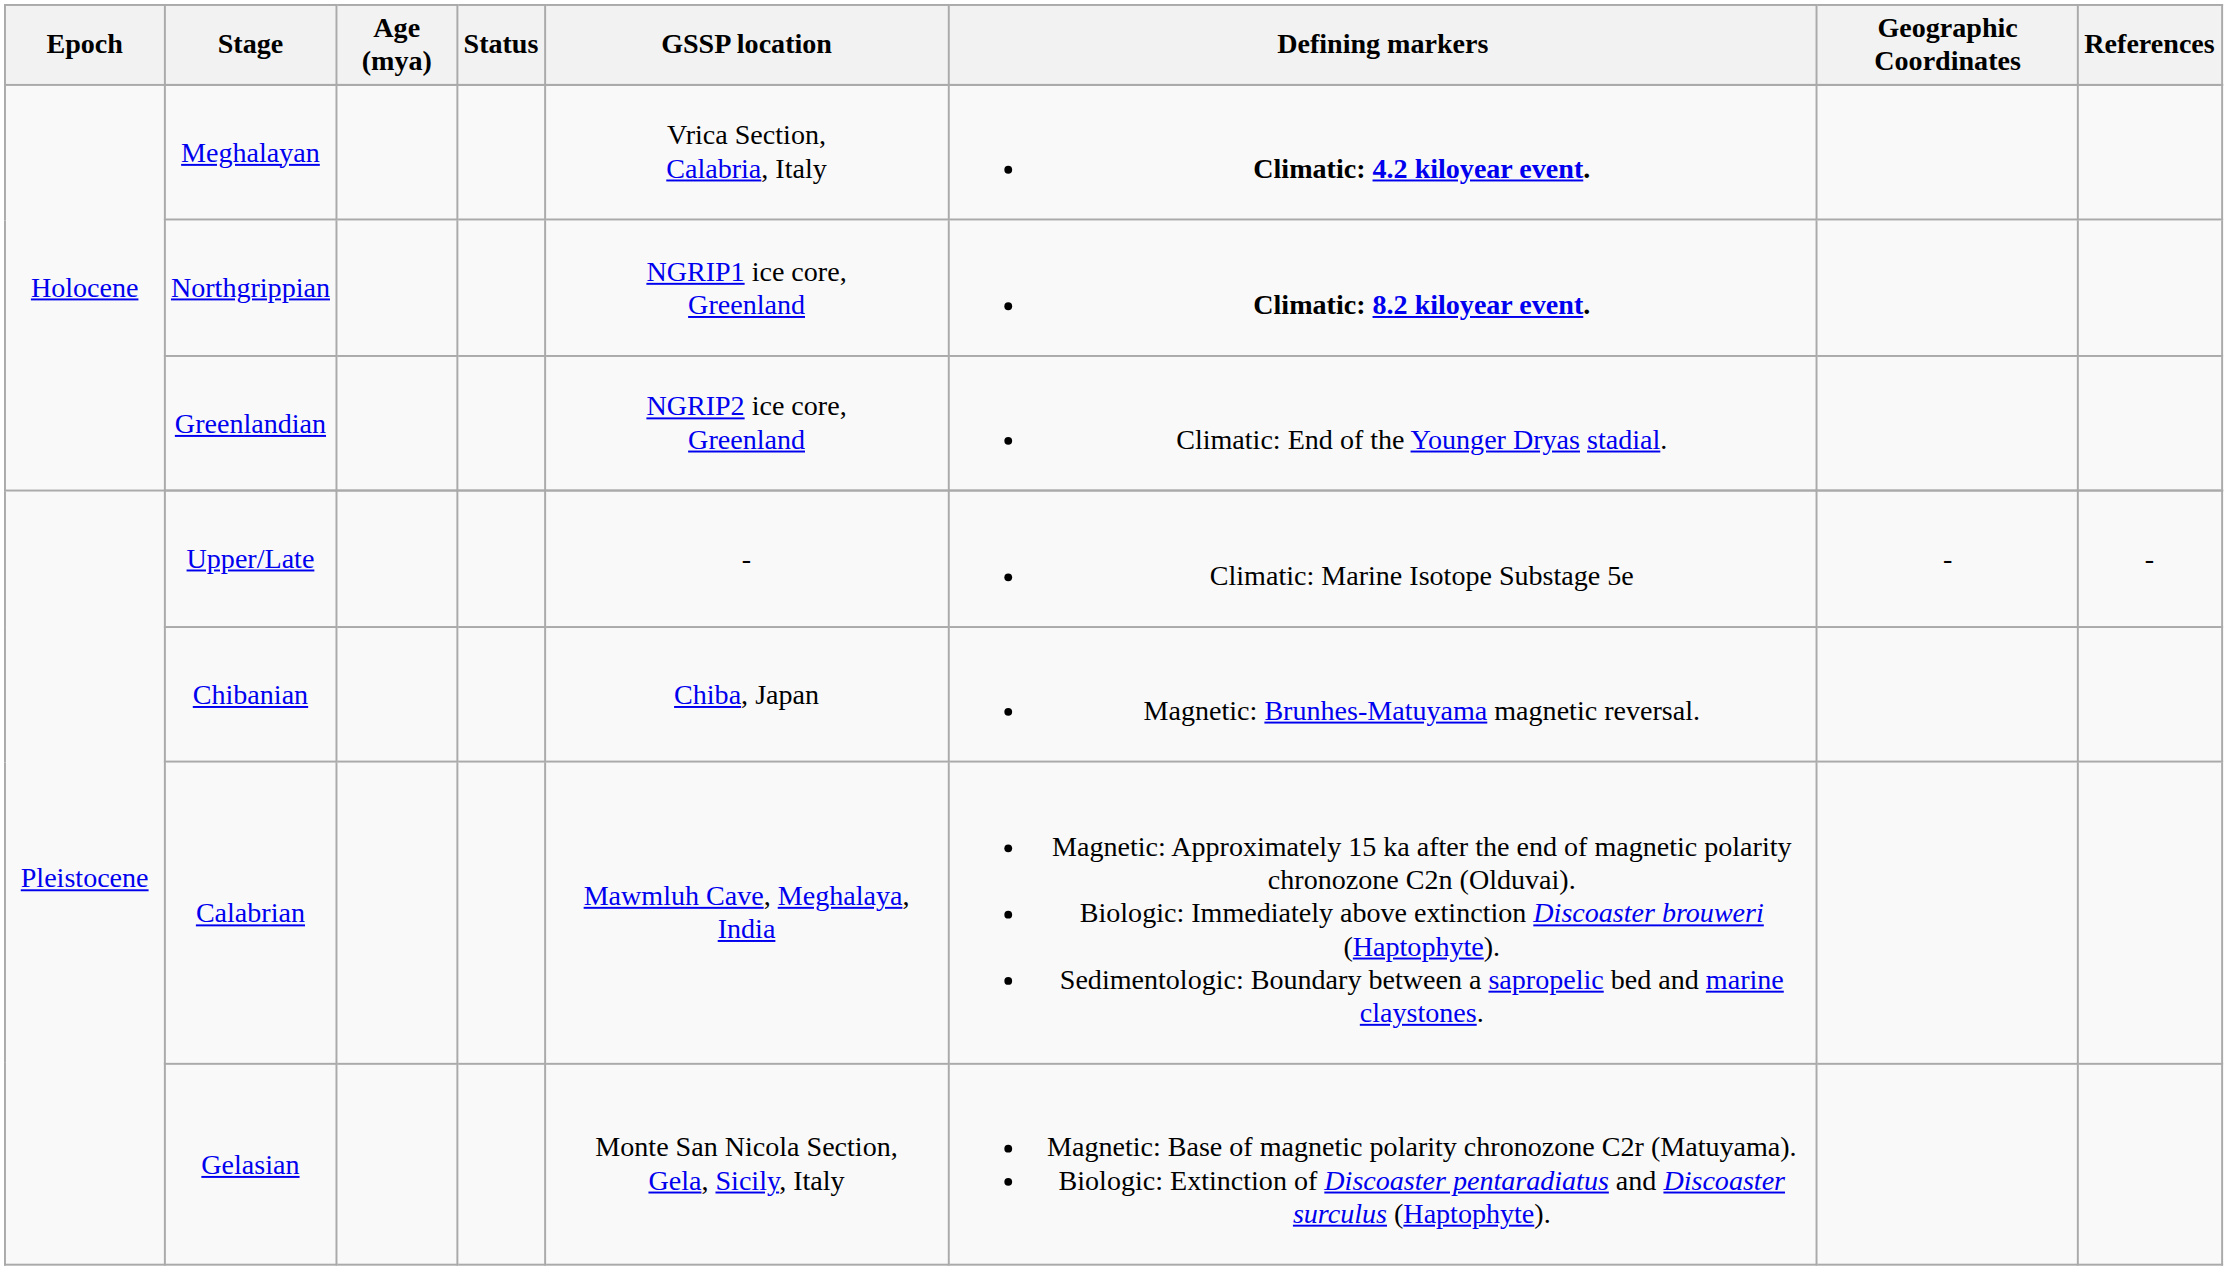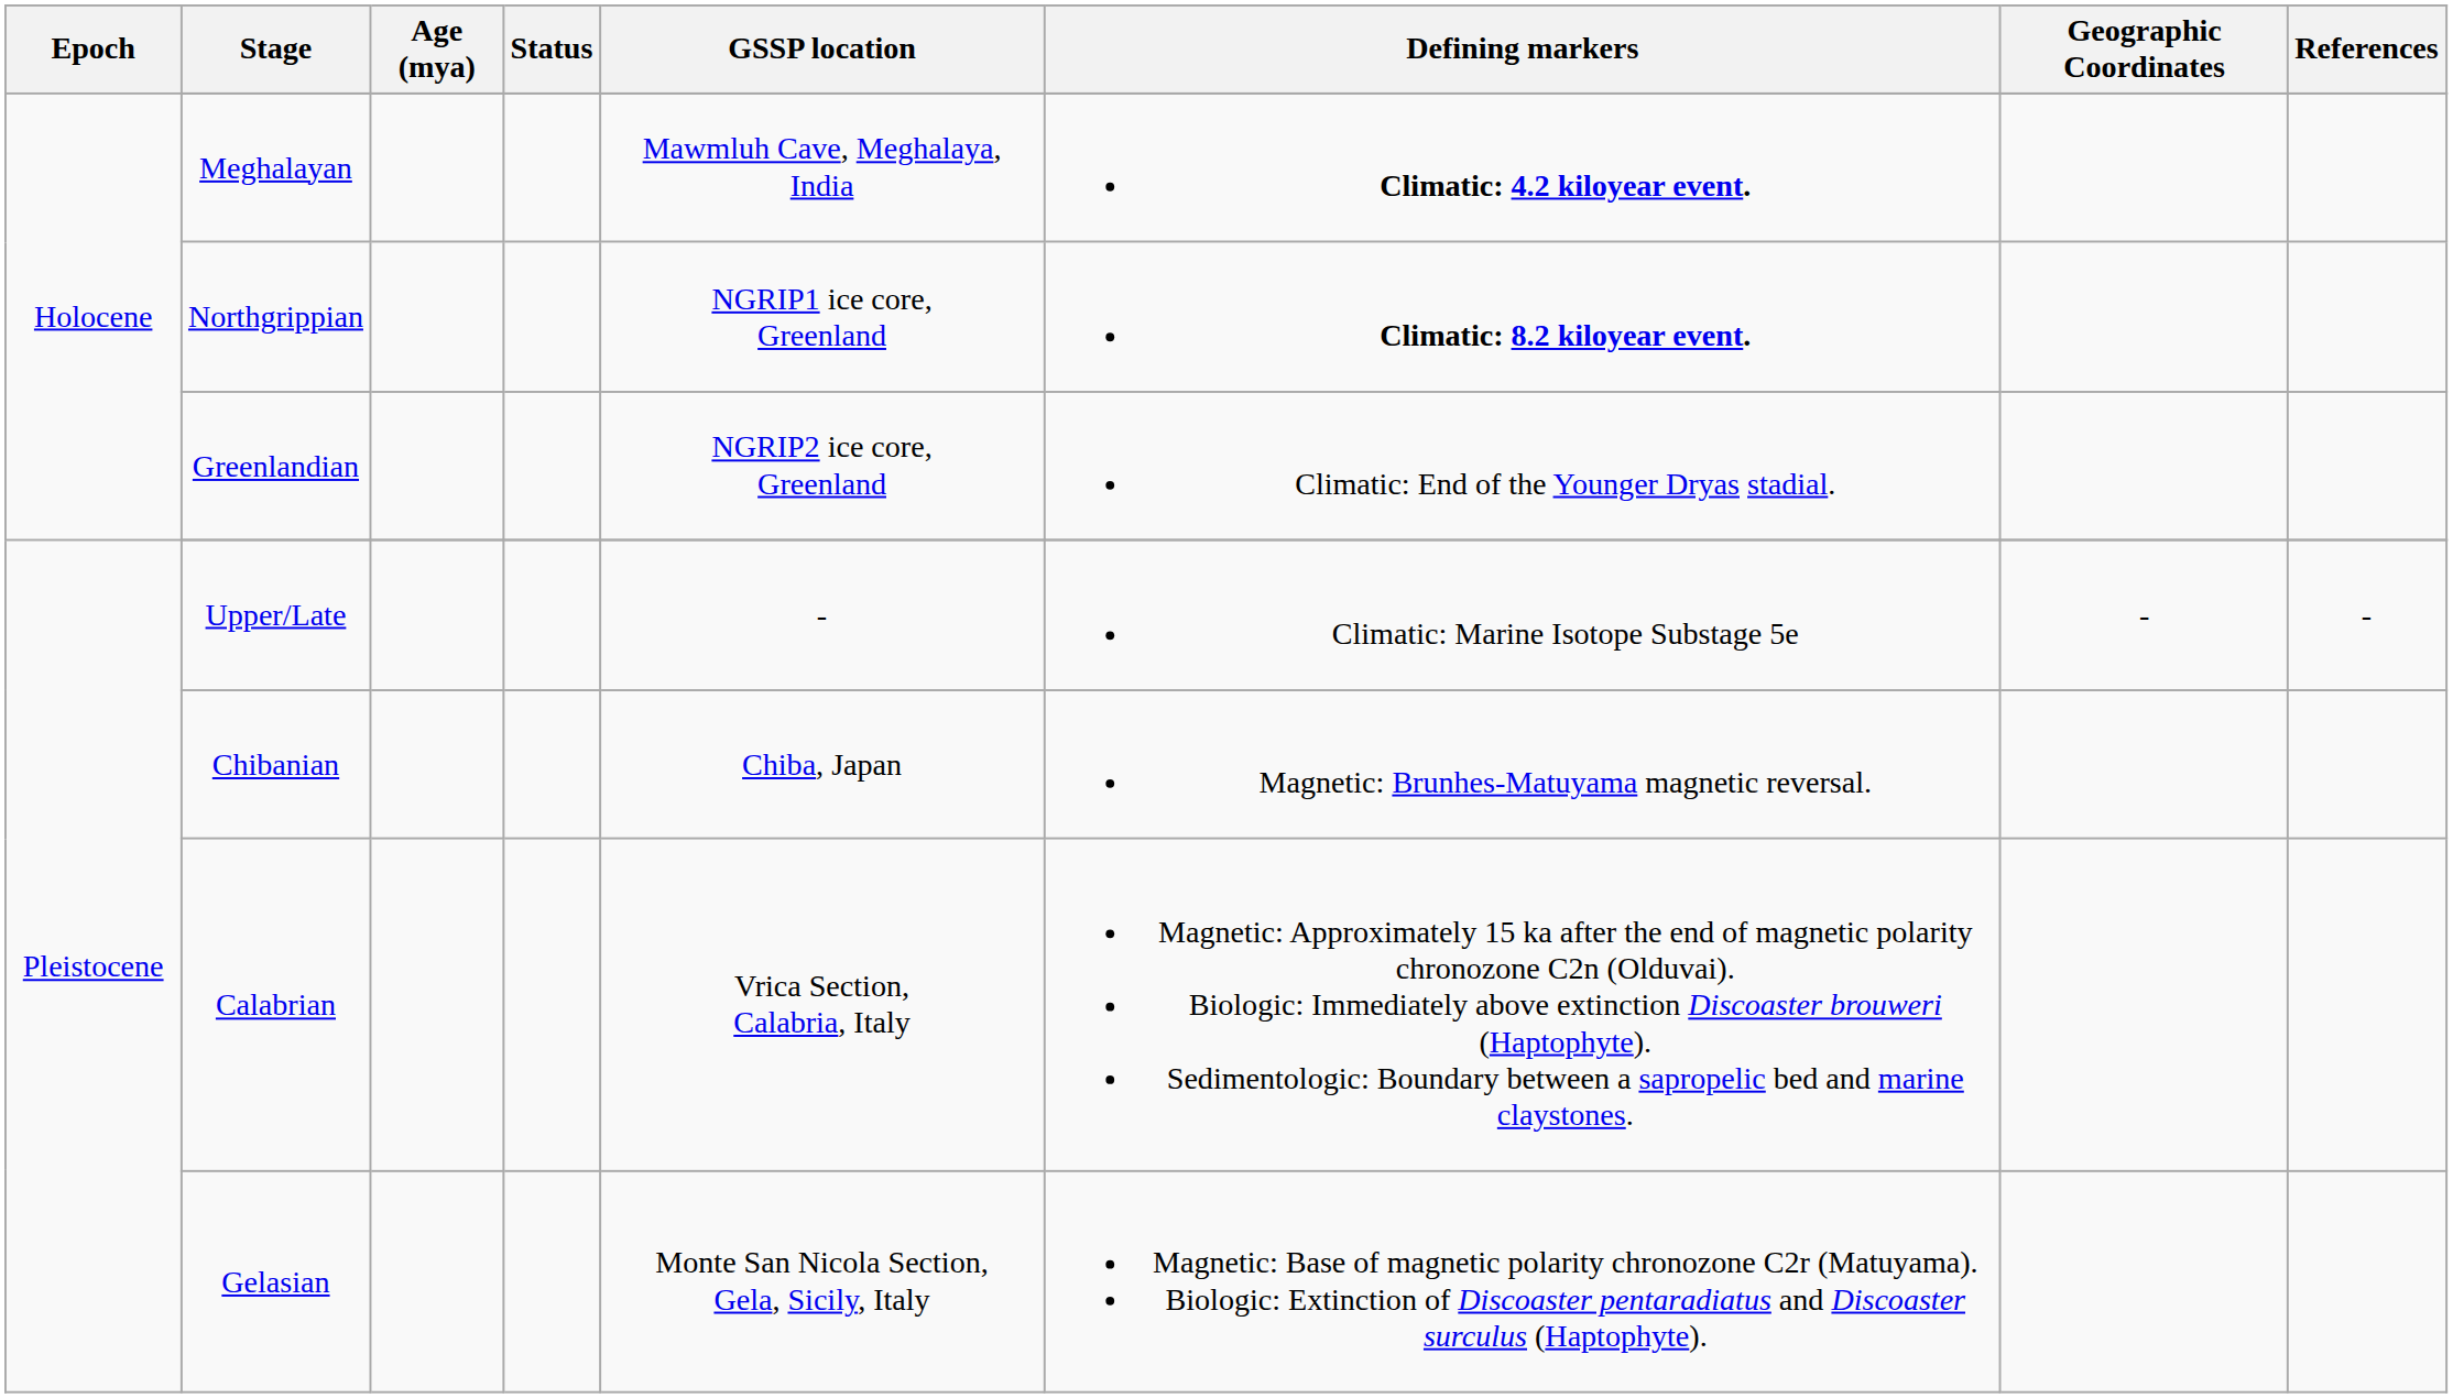 <table class="wikitable"  style="font-size:90%; width:90%; text-align:center;">
 <tr>
 <th style="width:75px;">Epoch</th>
 <th style="width:75px;">Stage</th>
 <th style="width:55px;">Age (mya)</th>
 <th style="width:15px;">Status</th>
 <th style="width:200px;">GSSP location</th>
 <th width="">Defining markers</th>
 <th width="">Geographic Coordinates</th>
 <th width="">References</th>
 </tr>
 <tr style="background:">
 <td rowspan="4"><a href='#'>Holocene</a></td>
 </tr>
 <tr style="background:">
 <td><a href='#'>Meghalayan</a></td>
 <td></td>
 <td></td>
-<td>Vrica Section,<br><a href='#'>Calabria</a>, Italy</td>
+<td><a href='#'>Mawmluh Cave</a>, <a href='#'>Meghalaya</a>, <a href='#'>India</a></td>
 <td><strong><br><ul><li>Climatic: <a href='#'>4.2 kiloyear event</a>.</li></ul></strong></td>
 <td></td>
 <td></td>
 </tr>
 <tr style="background:">
 <td><a href='#'>Northgrippian</a></td>
 <td></td>
 <td></td>
 <td><a href='#'>NGRIP1</a> ice core,<br><a href='#'>Greenland</a></td>
 <td><strong><br><ul><li>Climatic: <a href='#'>8.2 kiloyear event</a>.</li></ul></strong></td>
 <td></td>
 <td></td>
 </tr>
 <tr style="background:">
 <td><a href='#'>Greenlandian</a></td>
 <td></td>
 <td></td>
 <td><a href='#'>NGRIP2</a> ice core,<br><a href='#'>Greenland</a></td>
 <td><br><ul><li>Climatic: End of the <a href='#'>Younger Dryas</a> <a href='#'>stadial</a>.</li></ul></td>
 <td></td>
 <td></td>
 </tr>
 <tr style="background:">
 <td rowspan="5"><a href='#'>Pleistocene</a></td>
 </tr>
 <tr style="background:">
 <td><a href='#'>Upper/Late</a></td>
 <td></td>
 <td></td>
 <td>-</td>
 <td><br><ul><li>Climatic: Marine Isotope Substage 5e</li></ul></td>
 <td>-</td>
 <td>-</td>
 </tr>
 <tr style="background:">
 <td><a href='#'>Chibanian</a></td>
 <td></td>
 <td></td>
 <td><a href='#'>Chiba</a>, Japan</td>
 <td><br><ul><li>Magnetic: <a href='#'>Brunhes-Matuyama</a> magnetic reversal.</li></ul></td>
 <td></td>
 <td></td>
 </tr>
 <tr style="background:">
 <td><a href='#'>Calabrian</a></td>
 <td></td>
 <td></td>
-<td><a href='#'>Mawmluh Cave</a>, <a href='#'>Meghalaya</a>, <a href='#'>India</a></td>
+<td>Vrica Section,<br><a href='#'>Calabria</a>, Italy</td>
 <td><br><ul><li>Magnetic: Approximately 15 ka after the end of magnetic polarity chronozone C2n (Olduvai).</li><li>Biologic: Immediately above extinction <em><a href='#'>Discoaster brouweri</a></em> (<a href='#'>Haptophyte</a>).</li><li>Sedimentologic: Boundary between a <a href='#'>sapropelic</a> bed and <a href='#'>marine</a> <a href='#'>claystones</a>.</li></ul></td>
 <td></td>
 <td></td>
 </tr>
 <tr style="background:">
 <td><a href='#'>Gelasian</a></td>
 <td></td>
 <td></td>
 <td>Monte San Nicola Section,<br><a href='#'>Gela</a>, <a href='#'>Sicily</a>, Italy</td>
 <td><br><ul><li>Magnetic: Base of magnetic polarity chronozone C2r (Matuyama).</li><li>Biologic: Extinction of <em><a href='#'>Discoaster pentaradiatus</a></em> and <em><a href='#'>Discoaster surculus</a></em> (<a href='#'>Haptophyte</a>).</li></ul></td>
 <td></td>
 <td></td>
 </tr>
 </table>
